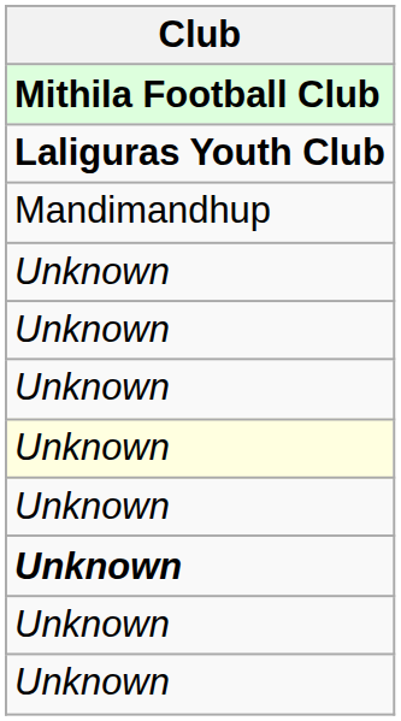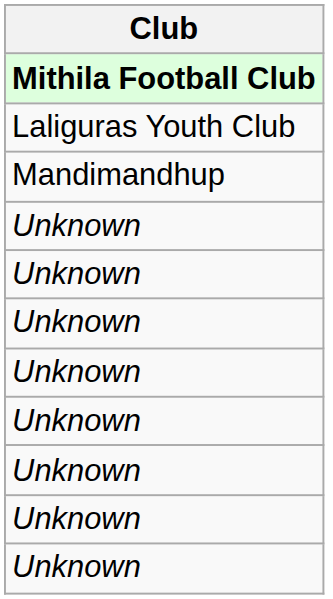 <table class="wikitable" border="1">
 <tr>
 <th>Club</th>
 </tr>
 <tr bgcolor=#dfd>
 <td><strong>Mithila Football Club</strong></td>
 </tr>
 <tr>
-<td><strong>Laliguras Youth Club</strong></td>
+<td>Laliguras Youth Club</td>
 </tr>
 <tr>
 <td>Mandimandhup</td>
 </tr>
 <tr>
 <td><em>Unknown</em></td>
 </tr>
 <tr>
 <td><em>Unknown</em></td>
 </tr>
 <tr>
 <td><em>Unknown</em></td>
 </tr>
 <tr>
-<td style="background: lightyellow;"><em>Unknown</em></td>
+<td><em>Unknown</em></td>
 </tr>
 <tr>
 <td><em>Unknown</em></td>
 </tr>
 <tr>
-<td><strong><em>Unknown</em></strong></td>
+<td><em>Unknown</em></td>
 </tr>
 <tr>
 <td><em>Unknown</em></td>
 </tr>
 <tr>
 <td><em>Unknown</em></td>
 </tr>
 </table>
